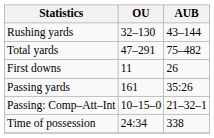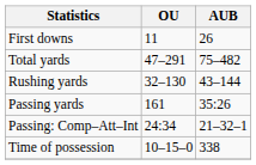 <table class="wikitable" style="float: left;">
 <tr>
 <th>Statistics</th>
 <th>OU</th>
 <th>AUB</th>
 </tr>
 <tr>
-<td>Rushing yards</td>
-<td>32–130</td>
-<td>43–144</td>
+<td>First downs</td>
+<td>11</td>
+<td>26</td>
 </tr>
 <tr>
 <td>Total yards</td>
 <td>47–291</td>
 <td>75–482</td>
 </tr>
 <tr>
-<td>First downs</td>
-<td>11</td>
-<td>26</td>
+<td>Rushing yards</td>
+<td>32–130</td>
+<td>43–144</td>
 </tr>
 <tr>
 <td>Passing yards</td>
 <td>161</td>
 <td>35:26</td>
 </tr>
 <tr>
 <td>Passing: Comp–Att–Int</td>
-<td>10–15–0</td>
+<td>24:34</td>
 <td>21–32–1</td>
 </tr>
 <tr>
 <td>Time of possession</td>
-<td>24:34</td>
+<td>10–15–0</td>
 <td>338</td>
 </tr>
 <tr>
 </tr>
 </table>
